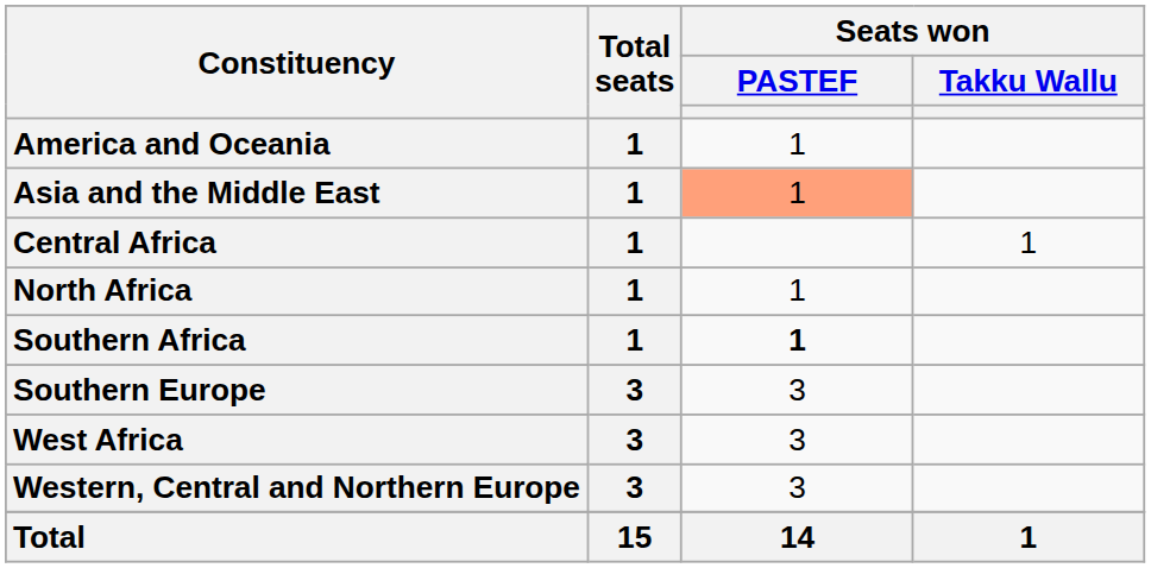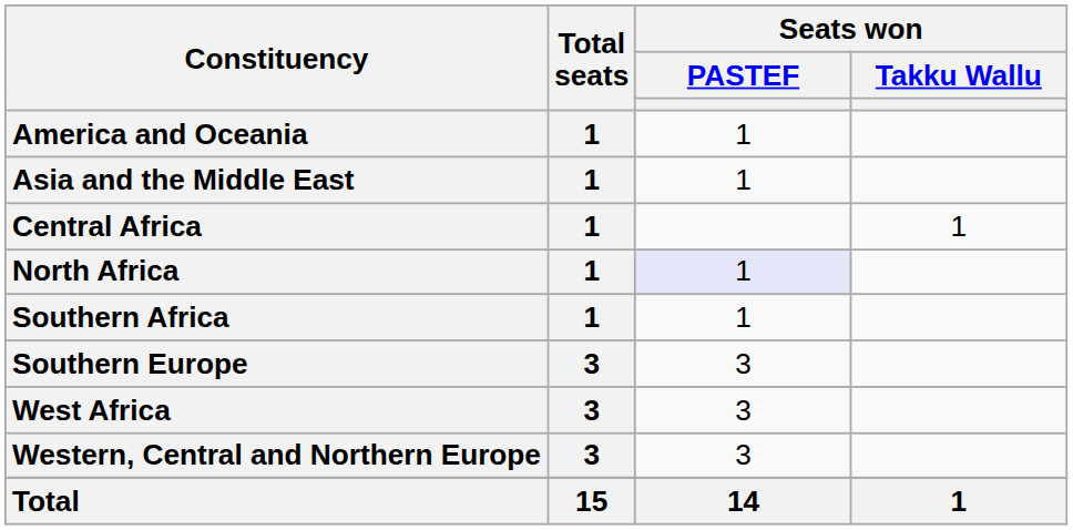 <table class="wikitable" style="text-align:center; font-size: 0.9em;">
 <tr>
 <th rowspan="3">Constituency</th>
 <th rowspan="3">Total<br>seats</th>
 <th colspan="2">Seats won</th>
 </tr>
 <tr>
 <th class="unsortable" style="width:100px;"><a href='#'>PASTEF</a></th>
 <th class="unsortable" style="width:100px;"><a href='#'>Takku Wallu</a></th>
 </tr>
 <tr>
 <th style="background:"></th>
 <th style="background:"></th>
 </tr>
 <tr>
 <th style="text-align: left;">America and Oceania</th>
 <th>1</th>
 <td>1</td>
 <td></td>
 </tr>
 <tr>
 <th style="text-align: left;">Asia and the Middle East</th>
 <th>1</th>
-<td style="background: lightsalmon;">1</td>
+<td>1</td>
 <td></td>
 </tr>
 <tr>
 <th style="text-align: left;">Central Africa</th>
 <th>1</th>
 <td></td>
 <td>1</td>
 </tr>
 <tr>
 <th style="text-align: left;">North Africa</th>
 <th>1</th>
-<td>1</td>
+<td style="background: lavender;">1</td>
 <td></td>
 </tr>
 <tr>
 <th style="text-align: left;">Southern Africa</th>
 <th>1</th>
-<td><strong>1</strong></td>
+<td>1</td>
 <td></td>
 </tr>
 <tr>
 <th style="text-align: left;">Southern Europe</th>
 <th>3</th>
 <td>3</td>
 <td></td>
 </tr>
 <tr>
 <th style="text-align: left;">West Africa</th>
 <th>3</th>
 <td>3</td>
 <td></td>
 </tr>
 <tr>
 <th style="text-align: left;">Western, Central and Northern Europe</th>
 <th>3</th>
 <td>3</td>
 <td></td>
 </tr>
 <tr>
 </tr>
 <tr class="sortbottom">
 <th style="text-align: left;">Total</th>
 <th>15</th>
 <th>14</th>
 <th>1</th>
 </tr>
 </table>
